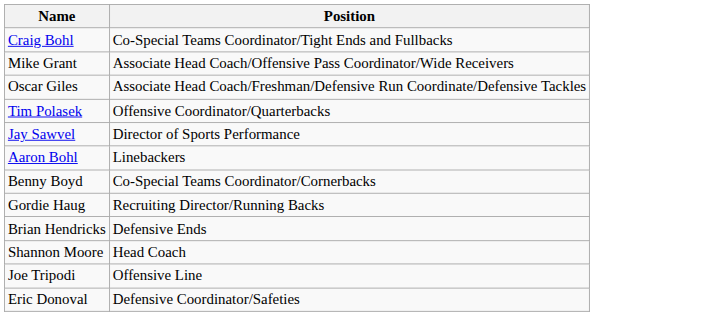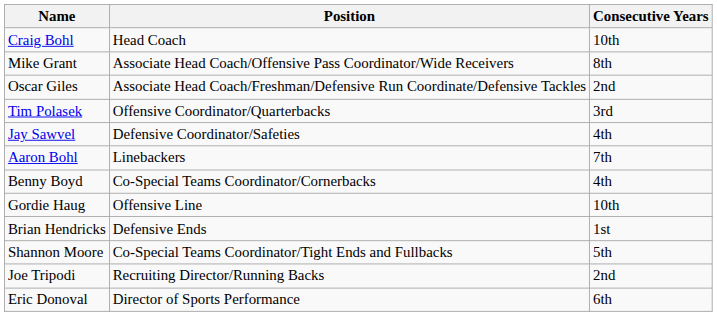 <table class="wikitable sortable">
 <tr>
 <th style="text-align:center; ">Name</th>
 <th style="text-align:center; ">Position</th>
+<th style="text-align:center; ">Consecutive Years</th>
 </tr>
 <tr>
 <td><a href='#'>Craig Bohl</a></td>
-<td>Co-Special Teams Coordinator/Tight Ends and Fullbacks</td>
+<td>Head Coach</td>
+<td>10th</td>
 </tr>
 <tr>
 <td>Mike Grant</td>
 <td>Associate Head Coach/Offensive Pass Coordinator/Wide Receivers</td>
+<td>8th</td>
 </tr>
 <tr>
 <td>Oscar Giles</td>
 <td>Associate Head Coach/Freshman/Defensive Run Coordinate/Defensive Tackles</td>
+<td>2nd</td>
 </tr>
 <tr>
 <td><a href='#'>Tim Polasek</a></td>
 <td>Offensive Coordinator/Quarterbacks</td>
+<td>3rd</td>
 </tr>
 <tr>
 <td><a href='#'>Jay Sawvel</a></td>
-<td>Director of Sports Performance</td>
+<td>Defensive Coordinator/Safeties</td>
+<td>4th</td>
 </tr>
 <tr>
 <td><a href='#'>Aaron Bohl</a></td>
 <td>Linebackers</td>
+<td>7th</td>
 </tr>
 <tr>
 <td>Benny Boyd</td>
 <td>Co-Special Teams Coordinator/Cornerbacks</td>
+<td>4th</td>
 </tr>
 <tr>
 <td>Gordie Haug</td>
-<td>Recruiting Director/Running Backs</td>
+<td>Offensive Line</td>
+<td>10th</td>
 </tr>
 <tr>
 <td>Brian Hendricks</td>
 <td>Defensive Ends</td>
+<td>1st</td>
 </tr>
 <tr>
 <td>Shannon Moore</td>
-<td>Head Coach</td>
+<td>Co-Special Teams Coordinator/Tight Ends and Fullbacks</td>
+<td>5th</td>
 </tr>
 <tr>
 <td>Joe Tripodi</td>
-<td>Offensive Line</td>
+<td>Recruiting Director/Running Backs</td>
+<td>2nd</td>
 </tr>
 <tr>
 <td>Eric Donoval</td>
-<td>Defensive Coordinator/Safeties</td>
+<td>Director of Sports Performance</td>
+<td>6th</td>
 </tr>
 </table>
